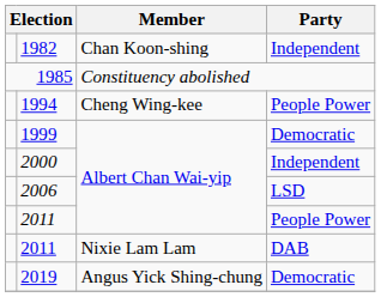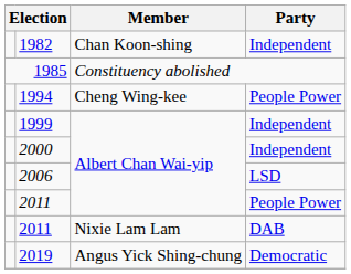 <table class="wikitable">
 <tr>
 <th colspan="2">Election</th>
 <th>Member</th>
 <th>Party</th>
 </tr>
 <tr>
 <td style="background-color: "></td>
 <td><a href='#'>1982</a></td>
 <td>Chan Koon-shing</td>
 <td><a href='#'>Independent</a></td>
 </tr>
 <tr>
 <td colspan=2 align=right><a href='#'>1985</a></td>
 <td colspan=2><em>Constituency abolished</em></td>
 </tr>
 <tr>
 <td style="background-color: "></td>
 <td><a href='#'>1994</a></td>
 <td>Cheng Wing-kee</td>
 <td><a href='#'>People Power</a></td>
 </tr>
 <tr>
 <td style="background-color: "></td>
 <td><a href='#'>1999</a></td>
 <td rowspan=4><a href='#'>Albert Chan Wai-yip</a></td>
-<td><a href='#'>Democratic</a></td>
+<td><a href='#'>Independent</a></td>
 </tr>
 <tr>
 <td style="background-color: "></td>
 <td><em>2000</em></td>
 <td><a href='#'>Independent</a></td>
 </tr>
 <tr>
 <td style="background-color: "></td>
 <td><em>2006</em></td>
 <td><a href='#'>LSD</a></td>
 </tr>
 <tr>
 <td style="background-color: "></td>
 <td><em>2011</em></td>
 <td><a href='#'>People Power</a></td>
 </tr>
 <tr>
 <td style="background-color: "></td>
 <td><a href='#'>2011</a></td>
 <td>Nixie Lam Lam</td>
 <td><a href='#'>DAB</a></td>
 </tr>
 <tr>
 <td style="background-color:"></td>
 <td><a href='#'>2019</a></td>
 <td>Angus Yick Shing-chung</td>
 <td><a href='#'>Democratic</a></td>
 </tr>
 <tr>
 </tr>
 </table>
